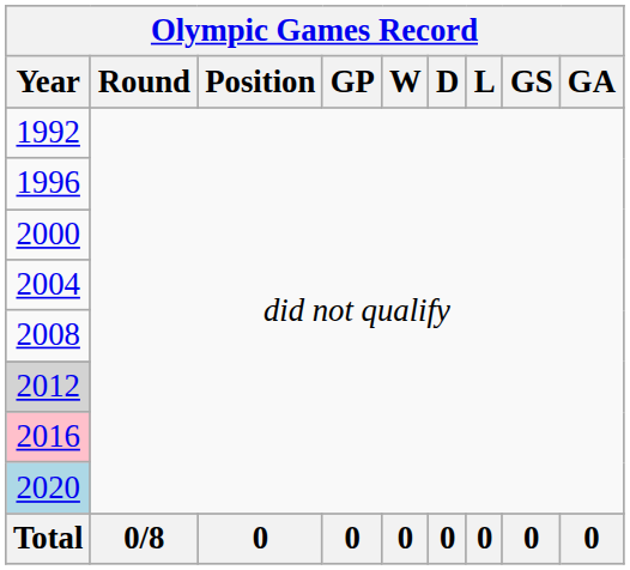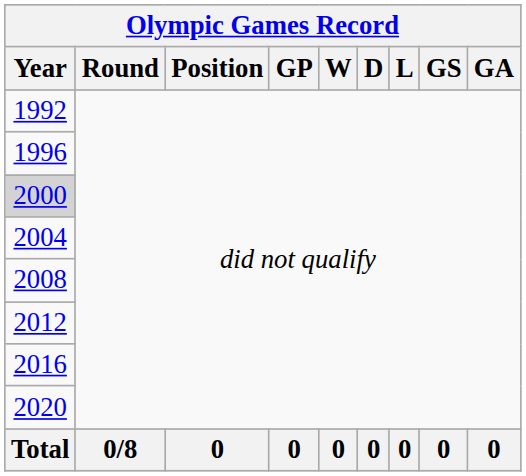 <table class="wikitable" style="text-align:center;">
 <tr>
 <th colspan=9><a href='#'>Olympic Games Record</a></th>
 </tr>
 <tr>
 <th>Year</th>
 <th>Round</th>
 <th>Position</th>
 <th>GP</th>
 <th>W</th>
 <th>D</th>
 <th>L</th>
 <th>GS</th>
 <th>GA</th>
 </tr>
 <tr>
 <td> <a href='#'>1992</a></td>
 <td rowspan=8 colspan=8><em>did not qualify</em></td>
 </tr>
 <tr>
 <td> <a href='#'>1996</a></td>
 </tr>
 <tr>
-<td> <a href='#'>2000</a></td>
+<td style="background: lightgrey;"> <a href='#'>2000</a></td>
 </tr>
 <tr>
 <td> <a href='#'>2004</a></td>
 </tr>
 <tr>
 <td> <a href='#'>2008</a></td>
 </tr>
 <tr>
-<td style="background: lightgrey;"> <a href='#'>2012</a></td>
+<td> <a href='#'>2012</a></td>
 </tr>
 <tr>
-<td style="background: pink;"> <a href='#'>2016</a></td>
+<td> <a href='#'>2016</a></td>
 </tr>
 <tr>
-<td style="background: lightblue;"> <a href='#'>2020</a></td>
+<td> <a href='#'>2020</a></td>
 </tr>
 <tr>
 <th>Total</th>
 <th>0/8</th>
 <th>0</th>
 <th>0</th>
 <th>0</th>
 <th>0</th>
 <th>0</th>
 <th>0</th>
 <th>0</th>
 </tr>
 </table>
